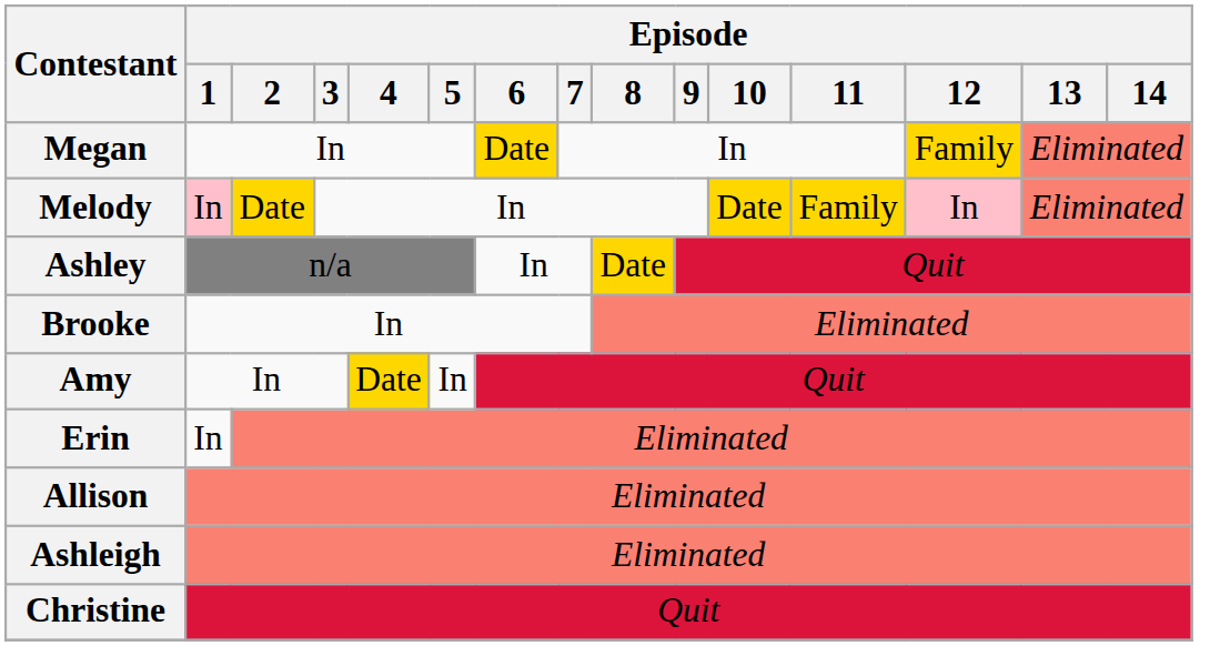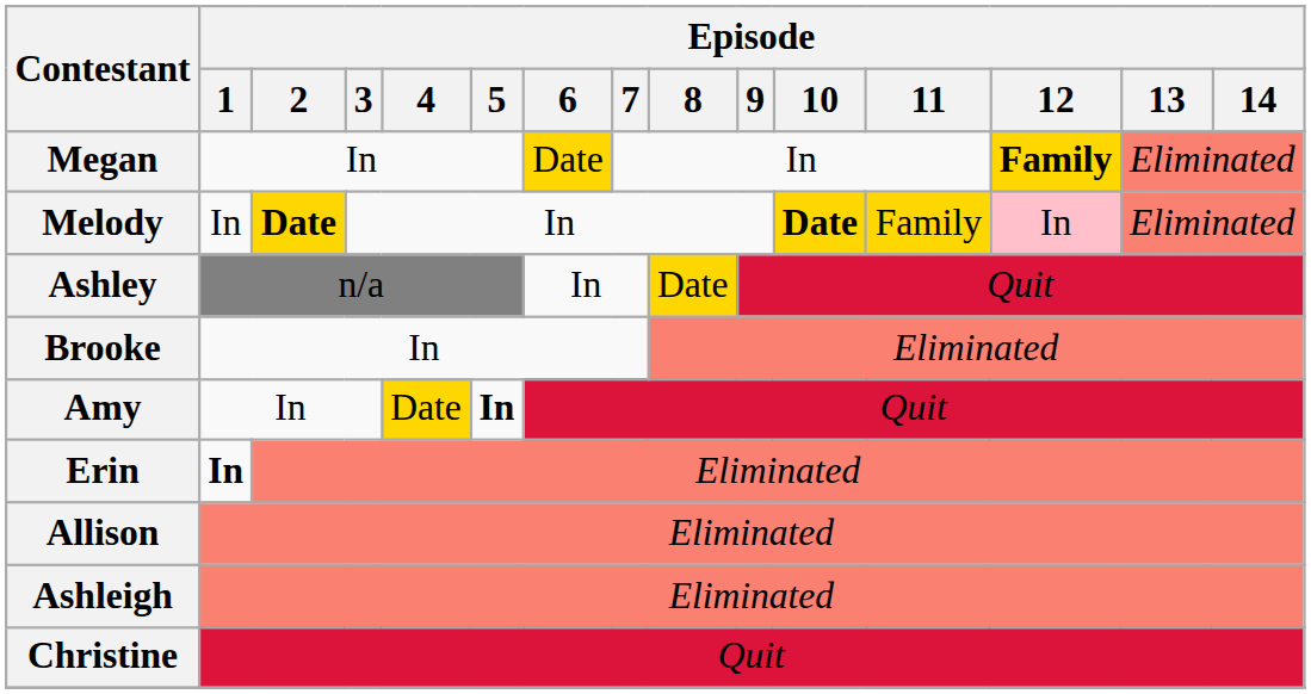 <table class="wikitable" style="text-align:center; font-size:90%;">
 <tr>
 <th rowspan="2">Contestant</th>
 <th colspan="14">Episode</th>
 </tr>
 <tr>
 <th>1</th>
 <th>2</th>
 <th>3</th>
 <th>4</th>
 <th>5</th>
 <th>6</th>
 <th>7</th>
 <th>8</th>
 <th>9</th>
 <th>10</th>
 <th>11</th>
 <th>12</th>
 <th>13</th>
 <th>14</th>
 </tr>
 <tr>
 <th>Megan</th>
 <td colspan="5">In</td>
 <td style="background:gold;">Date</td>
 <td colspan="5">In</td>
-<td style="background:gold;">Family</td>
+<td style="background:gold;"><strong>Family</strong></td>
 <td style="background:salmon;" colspan="2"><em>Eliminated</em></td>
 </tr>
 <tr>
 <th>Melody</th>
-<td style="background: pink;">In</td>
-<td style="background:gold;">Date</td>
+<td>In</td>
+<td style="background:gold;"><strong>Date</strong></td>
 <td colspan="7">In</td>
-<td style="background:gold;">Date</td>
+<td style="background:gold;"><strong>Date</strong></td>
 <td style="background:gold;">Family</td>
 <td style="background: pink;">In</td>
 <td style="background:salmon;" colspan="2"><em>Eliminated</em></td>
 </tr>
 <tr>
 <th>Ashley</th>
 <td style="background:gray;" colspan="5">n/a</td>
 <td colspan="2">In</td>
 <td style="background:gold;">Date</td>
 <td style="background:crimson;" colspan="6"><span><em>Quit</em></span></td>
 </tr>
 <tr>
 <th>Brooke</th>
 <td colspan="7">In</td>
 <td style="background:salmon;" colspan="7"><em>Eliminated</em></td>
 </tr>
 <tr>
 <th>Amy</th>
 <td colspan="3">In</td>
 <td style="background:gold;">Date</td>
-<td>In</td>
+<td><strong>In</strong></td>
 <td style="background:crimson;" colspan="9"><span><em>Quit</em></span></td>
 </tr>
 <tr>
 <th>Erin</th>
-<td>In</td>
+<td><strong>In</strong></td>
 <td style="background:salmon;" colspan="13"><em>Eliminated</em></td>
 </tr>
 <tr>
 <th>Allison</th>
 <td style="background:salmon;" colspan="14"><em>Eliminated</em></td>
 </tr>
 <tr>
 <th>Ashleigh</th>
 <td style="background:salmon;" colspan="14"><em>Eliminated</em></td>
 </tr>
 <tr>
 <th>Christine</th>
 <td style="background:crimson;" colspan="14"><span><em>Quit</em></span></td>
 </tr>
 <tr>
 </tr>
 </table>
